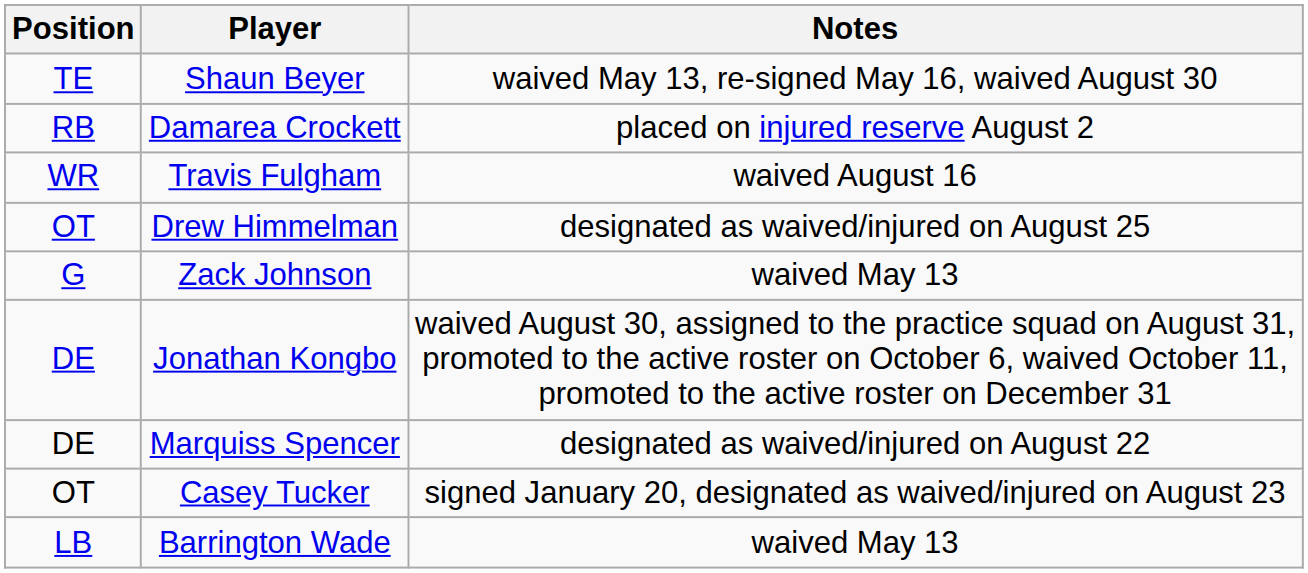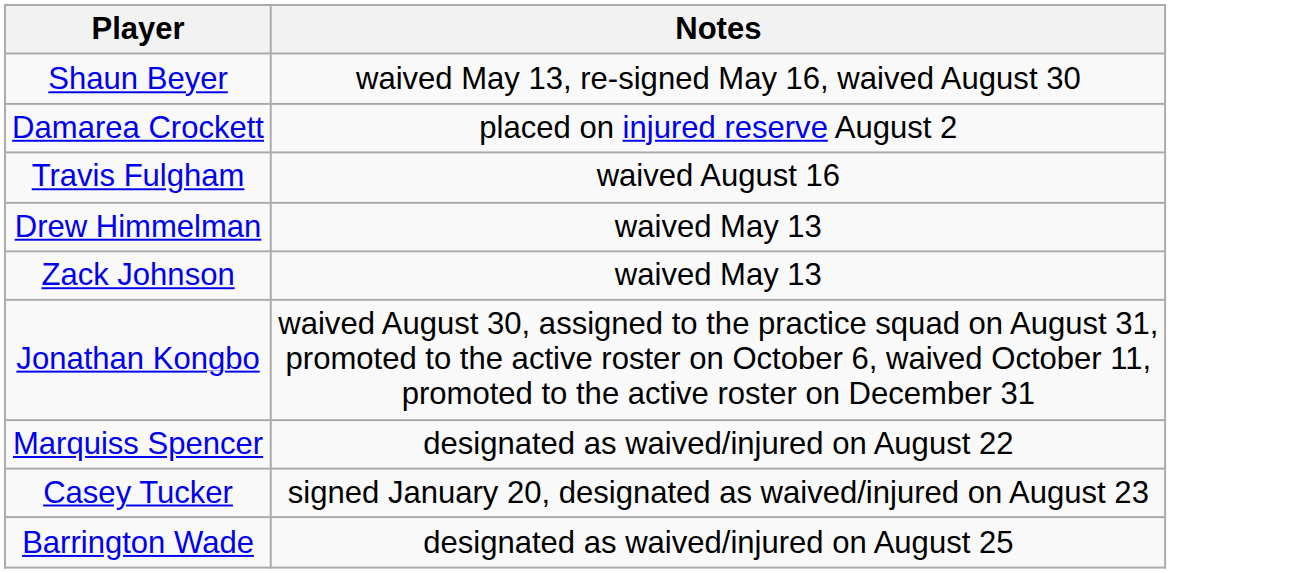 <table class="wikitable" style="text-align:center">
 <tr>
-<th>Position</th>
 <th>Player</th>
 <th>Notes</th>
 </tr>
 <tr>
-<td><a href='#'>TE</a></td>
 <td><a href='#'>Shaun Beyer</a></td>
 <td>waived May 13, re-signed May 16, waived August 30</td>
 </tr>
 <tr>
-<td><a href='#'>RB</a></td>
 <td><a href='#'>Damarea Crockett</a></td>
 <td>placed on <a href='#'>injured reserve</a> August 2</td>
 </tr>
 <tr>
-<td><a href='#'>WR</a></td>
 <td><a href='#'>Travis Fulgham</a></td>
 <td>waived August 16</td>
 </tr>
 <tr>
-<td><a href='#'>OT</a></td>
 <td><a href='#'>Drew Himmelman</a></td>
-<td>designated as waived/injured on August 25</td>
+<td>waived May 13</td>
 </tr>
 <tr>
-<td><a href='#'>G</a></td>
 <td><a href='#'>Zack Johnson</a></td>
 <td>waived May 13</td>
 </tr>
 <tr>
-<td><a href='#'>DE</a></td>
 <td><a href='#'>Jonathan Kongbo</a></td>
 <td>waived August 30, assigned to the practice squad on August 31,<br>promoted to the active roster on October 6, waived October 11,<br>promoted to the active roster on December 31</td>
 </tr>
 <tr>
-<td>DE</td>
 <td><a href='#'>Marquiss Spencer</a></td>
 <td>designated as waived/injured on August 22</td>
 </tr>
 <tr>
-<td>OT</td>
 <td><a href='#'>Casey Tucker</a></td>
 <td>signed January 20, designated as waived/injured on August 23</td>
 </tr>
 <tr>
-<td><a href='#'>LB</a></td>
 <td><a href='#'>Barrington Wade</a></td>
-<td>waived May 13</td>
+<td>designated as waived/injured on August 25</td>
 </tr>
 </table>
